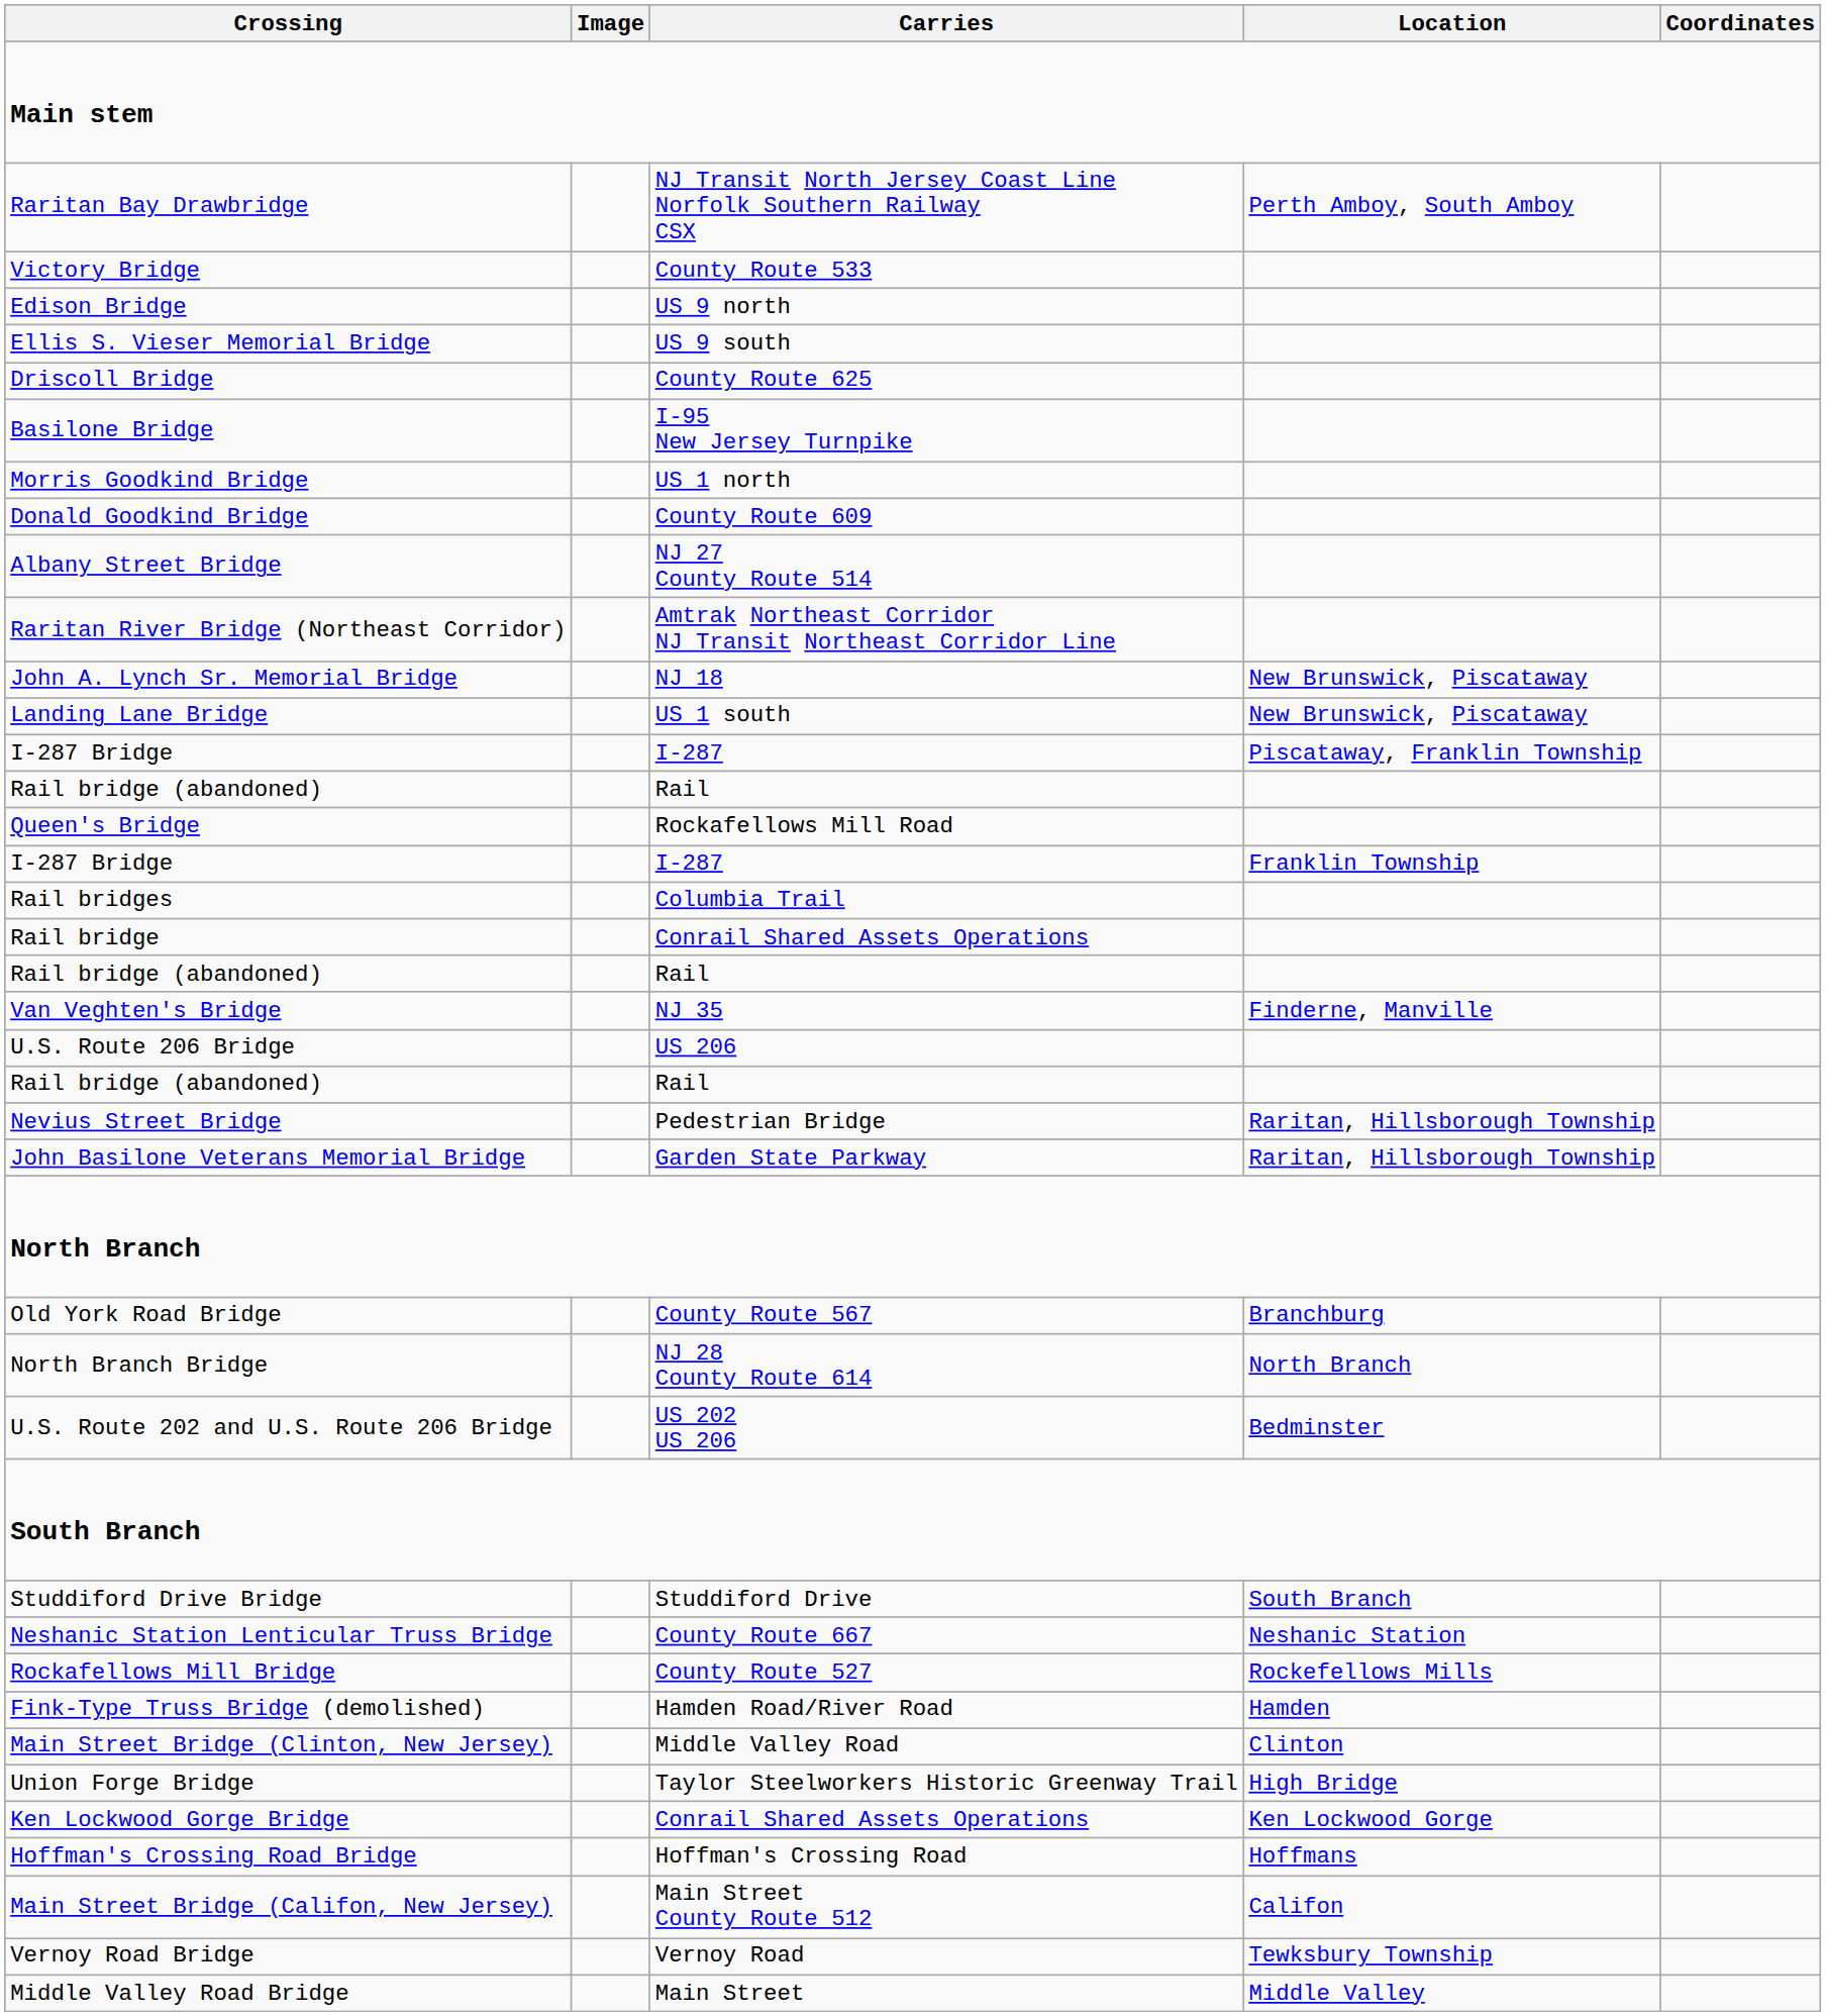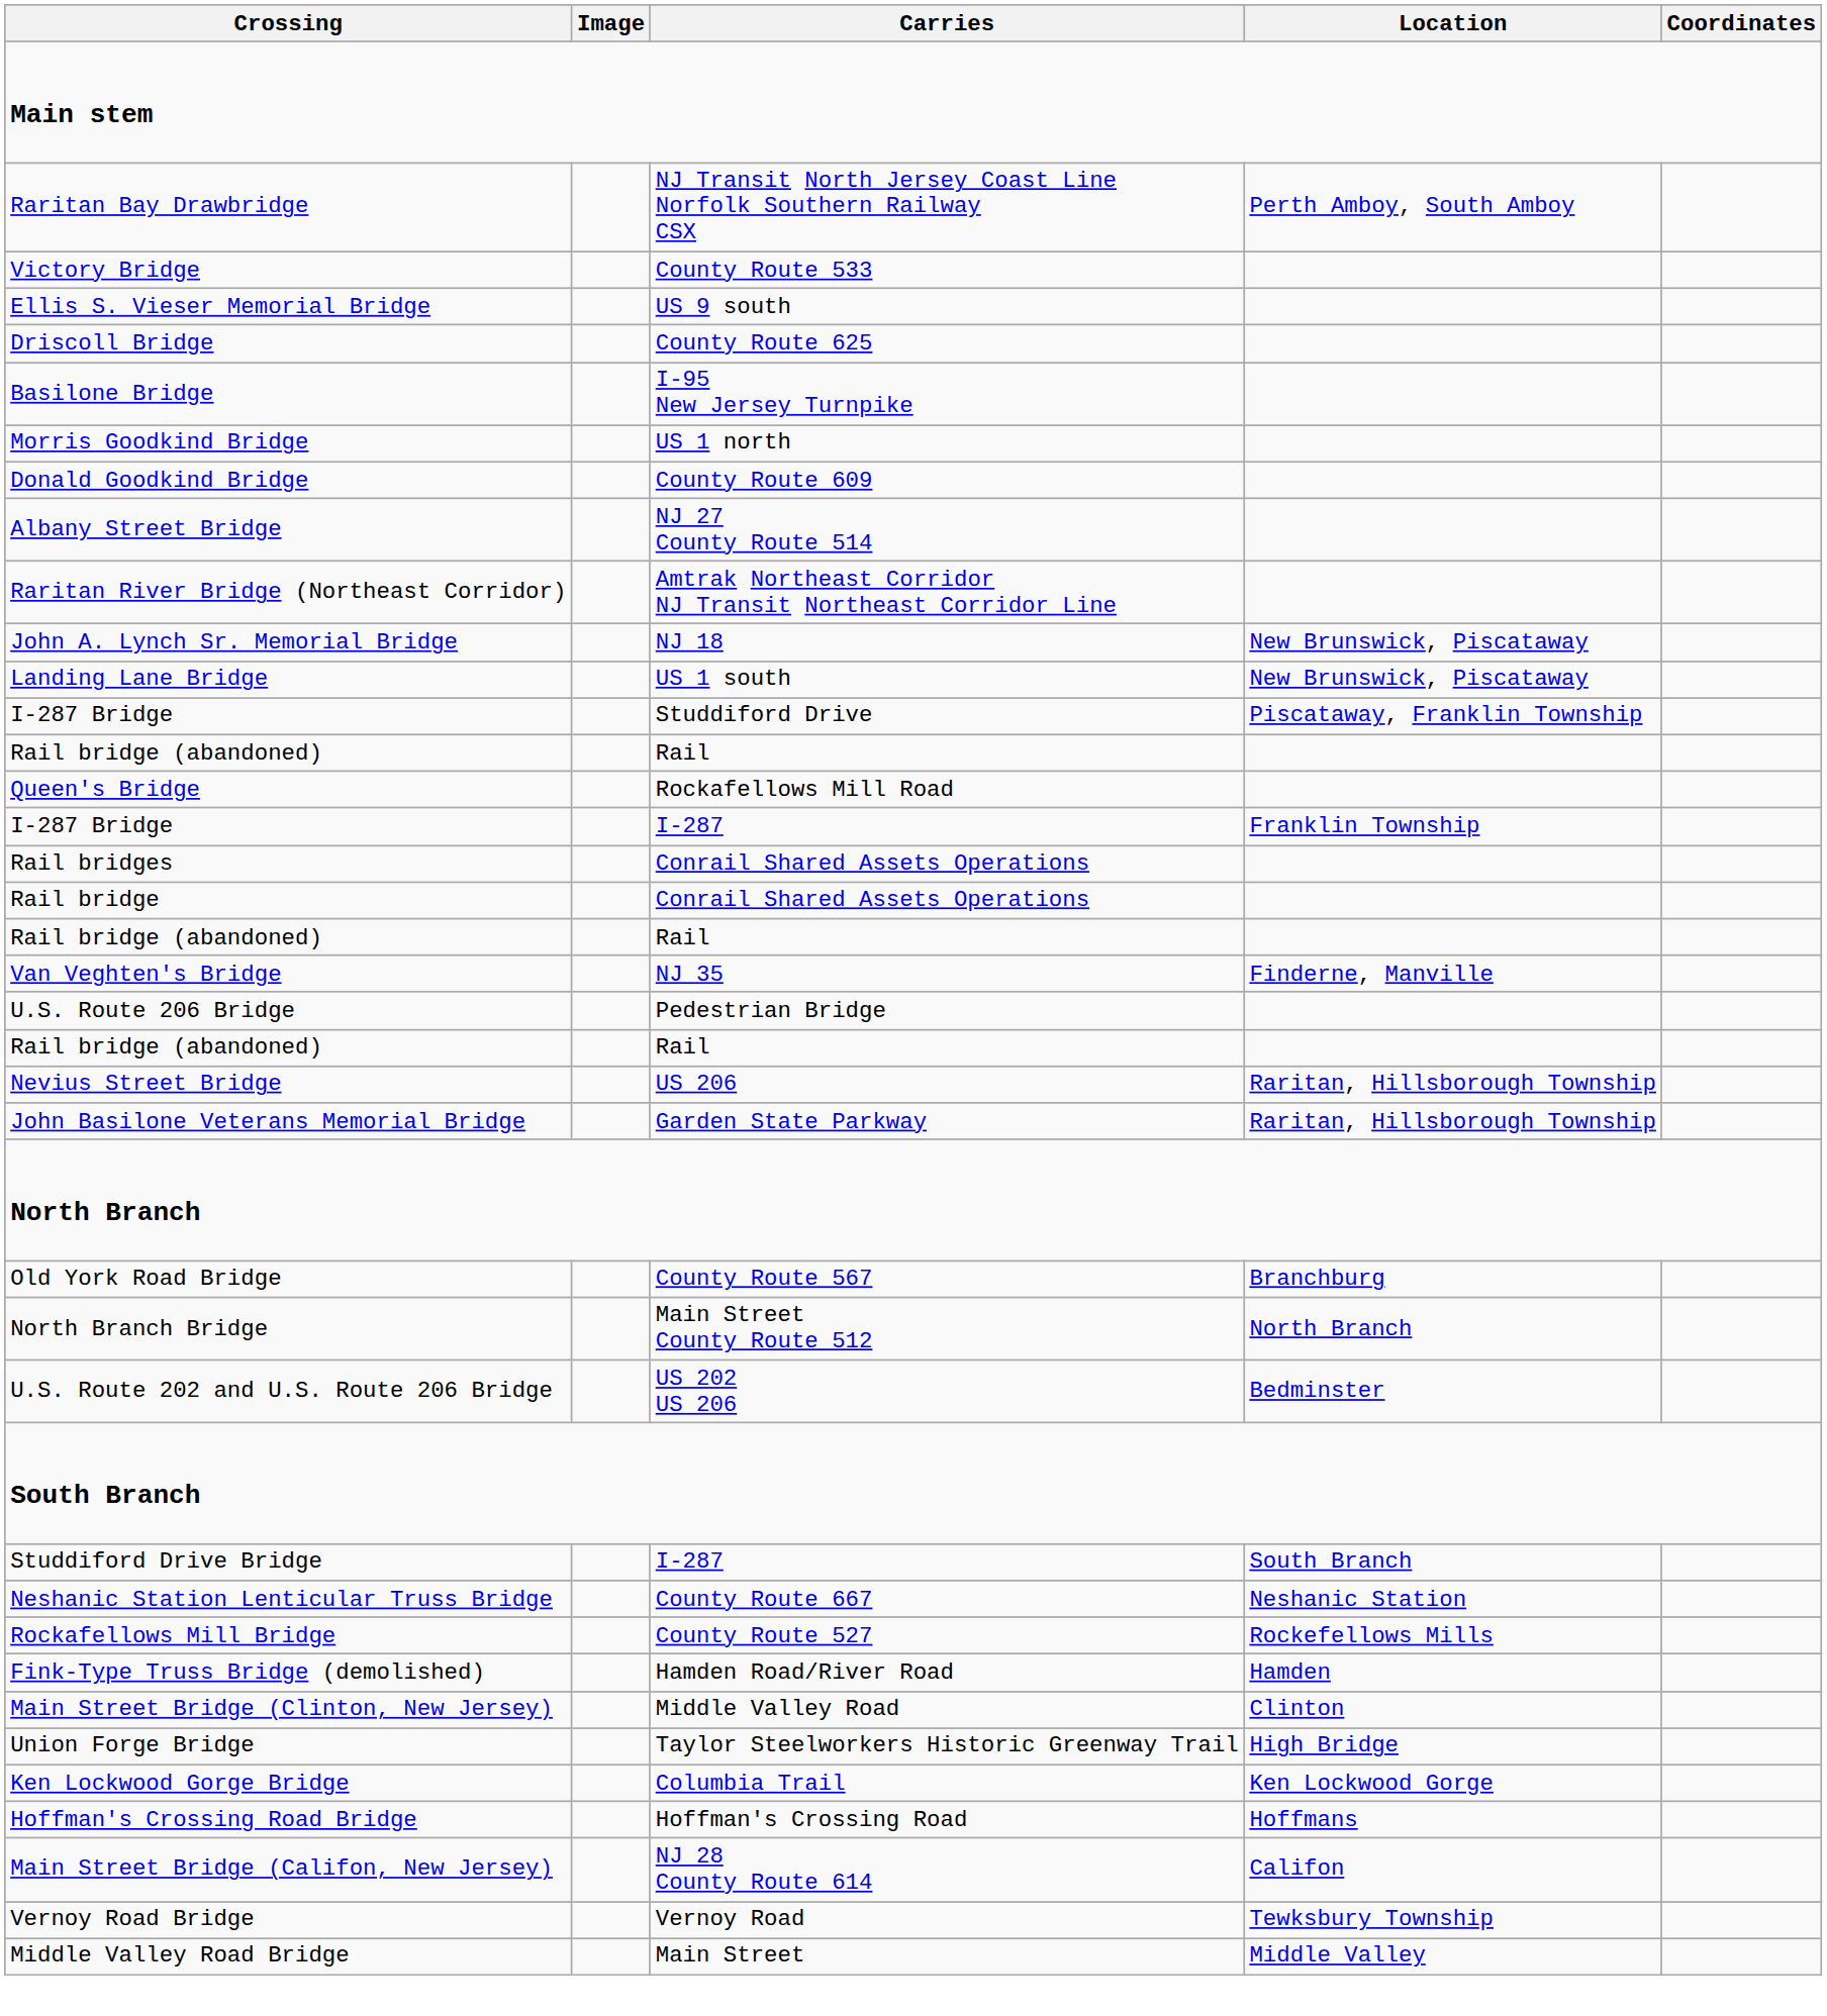 <table class=wikitable>
 <tr>
 <th>Crossing</th>
 <th>Image</th>
 <th>Carries</th>
 <th>Location</th>
 <th>Coordinates</th>
 </tr>
 <tr>
 <td colspan="5"><br><h3>Main stem</h3></td>
 </tr>
 <tr>
 <td><a href='#'>Raritan Bay Drawbridge</a></td>
 <td></td>
 <td><a href='#'>NJ Transit</a> <a href='#'>North Jersey Coast Line</a><br><a href='#'>Norfolk Southern Railway</a><br><a href='#'>CSX</a></td>
 <td><a href='#'>Perth Amboy</a>, <a href='#'>South Amboy</a></td>
 <td></td>
 </tr>
 <tr>
 <td><a href='#'>Victory Bridge</a></td>
 <td></td>
 <td> <a href='#'>County Route 533</a></td>
-<td></td>
-<td></td>
-</tr>
-<tr>
-<td><a href='#'>Edison Bridge</a></td>
-<td></td>
-<td> <a href='#'>US 9</a> north</td>
 <td></td>
 <td></td>
 </tr>
 <tr>
 <td><a href='#'>Ellis S. Vieser Memorial Bridge</a></td>
 <td></td>
 <td> <a href='#'>US 9</a> south</td>
 <td></td>
 <td></td>
 </tr>
 <tr>
 <td><a href='#'>Driscoll Bridge</a></td>
 <td></td>
 <td> <a href='#'>County Route 625</a></td>
 <td></td>
 <td></td>
 </tr>
 <tr>
 <td><a href='#'>Basilone Bridge</a></td>
 <td></td>
 <td> <a href='#'>I-95</a><br> <a href='#'>New Jersey Turnpike</a></td>
 <td></td>
 <td></td>
 </tr>
 <tr>
 <td><a href='#'>Morris Goodkind Bridge</a></td>
 <td></td>
 <td> <a href='#'>US 1</a> north</td>
 <td></td>
 <td></td>
 </tr>
 <tr>
 <td><a href='#'>Donald Goodkind Bridge</a></td>
 <td></td>
 <td> <a href='#'>County Route 609</a></td>
 <td></td>
 <td></td>
 </tr>
 <tr>
 <td><a href='#'>Albany Street Bridge</a></td>
 <td></td>
 <td> <a href='#'>NJ 27</a><br> <a href='#'>County Route 514</a></td>
 <td></td>
 <td></td>
 </tr>
 <tr>
 <td><a href='#'>Raritan River Bridge</a> (Northeast Corridor)</td>
 <td></td>
 <td><a href='#'>Amtrak</a> <a href='#'>Northeast Corridor</a><br> <a href='#'>NJ Transit</a> <a href='#'>Northeast Corridor Line</a></td>
 <td></td>
 <td></td>
 </tr>
 <tr>
 <td><a href='#'>John A. Lynch Sr. Memorial Bridge</a></td>
 <td></td>
 <td> <a href='#'>NJ 18</a></td>
 <td><a href='#'>New Brunswick</a>, <a href='#'>Piscataway</a></td>
 <td></td>
 </tr>
 <tr>
 <td><a href='#'>Landing Lane Bridge</a></td>
 <td></td>
 <td> <a href='#'>US 1</a> south</td>
 <td><a href='#'>New Brunswick</a>, <a href='#'>Piscataway</a></td>
 <td></td>
 </tr>
 <tr>
 <td>I-287 Bridge</td>
 <td></td>
-<td> <a href='#'>I-287</a></td>
+<td>Studdiford Drive</td>
 <td><a href='#'>Piscataway</a>, <a href='#'>Franklin Township</a></td>
 <td></td>
 </tr>
 <tr>
 <td>Rail bridge (abandoned)</td>
 <td></td>
 <td>Rail</td>
 <td></td>
 <td></td>
 </tr>
 <tr>
 <td><a href='#'>Queen's Bridge</a></td>
 <td></td>
 <td>Rockafellows Mill Road</td>
 <td></td>
 <td></td>
 </tr>
 <tr>
 <td>I-287 Bridge</td>
 <td></td>
 <td> <a href='#'>I-287</a></td>
 <td><a href='#'>Franklin Township</a></td>
 <td></td>
 </tr>
 <tr>
 <td>Rail bridges</td>
 <td></td>
-<td><a href='#'>Columbia Trail</a></td>
+<td><a href='#'>Conrail Shared Assets Operations</a></td>
 <td></td>
 <td></td>
 </tr>
 <tr>
 <td>Rail bridge</td>
 <td></td>
 <td><a href='#'>Conrail Shared Assets Operations</a></td>
 <td></td>
 <td></td>
 </tr>
 <tr>
 <td>Rail bridge (abandoned)</td>
 <td></td>
 <td>Rail</td>
 <td></td>
 <td></td>
 </tr>
 <tr>
 <td><a href='#'>Van Veghten's Bridge</a></td>
 <td></td>
 <td> <a href='#'>NJ 35</a></td>
 <td><a href='#'>Finderne</a>, <a href='#'>Manville</a></td>
 <td></td>
 </tr>
 <tr>
 <td>U.S. Route 206 Bridge</td>
 <td></td>
-<td> <a href='#'>US 206</a></td>
+<td>Pedestrian Bridge</td>
 <td></td>
 <td></td>
 </tr>
 <tr>
 <td>Rail bridge (abandoned)</td>
 <td></td>
 <td>Rail</td>
 <td></td>
 <td></td>
 </tr>
 <tr>
 <td><a href='#'>Nevius Street Bridge</a></td>
 <td></td>
-<td>Pedestrian Bridge</td>
+<td> <a href='#'>US 206</a></td>
 <td><a href='#'>Raritan</a>, <a href='#'>Hillsborough Township</a></td>
 <td></td>
 </tr>
 <tr>
 <td><a href='#'>John Basilone Veterans Memorial Bridge</a></td>
 <td></td>
 <td> <a href='#'>Garden State Parkway</a></td>
 <td><a href='#'>Raritan</a>, <a href='#'>Hillsborough Township</a></td>
 <td></td>
 </tr>
 <tr>
 <td colspan="5"><br><h3>North Branch</h3></td>
 </tr>
 <tr>
 <td>Old York Road Bridge</td>
 <td></td>
 <td> <a href='#'>County Route 567</a></td>
 <td><a href='#'>Branchburg</a></td>
 <td></td>
 </tr>
 <tr>
 <td>North Branch Bridge</td>
 <td></td>
-<td> <a href='#'>NJ 28</a><br> <a href='#'>County Route 614</a></td>
+<td>Main Street<br> <a href='#'>County Route 512</a></td>
 <td><a href='#'>North Branch</a></td>
 <td></td>
 </tr>
 <tr>
 <td>U.S. Route 202 and U.S. Route 206 Bridge</td>
 <td></td>
 <td> <a href='#'>US 202</a><br> <a href='#'>US 206</a></td>
 <td><a href='#'>Bedminster</a></td>
 <td></td>
 </tr>
 <tr>
 <td colspan="5"><br><h3>South Branch</h3></td>
 </tr>
 <tr>
 <td>Studdiford Drive Bridge</td>
 <td></td>
-<td>Studdiford Drive</td>
+<td> <a href='#'>I-287</a></td>
 <td><a href='#'>South Branch</a></td>
 <td></td>
 </tr>
 <tr>
 <td><a href='#'>Neshanic Station Lenticular Truss Bridge</a></td>
 <td></td>
 <td> <a href='#'>County Route 667</a></td>
 <td><a href='#'>Neshanic Station</a></td>
 <td></td>
 </tr>
 <tr>
 <td><a href='#'>Rockafellows Mill Bridge</a></td>
 <td></td>
 <td> <a href='#'>County Route 527</a></td>
 <td><a href='#'>Rockefellows Mills</a></td>
 <td></td>
 </tr>
 <tr>
 <td><a href='#'>Fink-Type Truss Bridge</a> (demolished)</td>
 <td></td>
 <td>Hamden Road/River Road</td>
 <td><a href='#'>Hamden</a></td>
 <td></td>
 </tr>
 <tr>
 <td><a href='#'>Main Street Bridge (Clinton, New Jersey)</a></td>
 <td></td>
 <td>Middle Valley Road</td>
 <td><a href='#'>Clinton</a></td>
 <td></td>
 </tr>
 <tr>
 <td>Union Forge Bridge</td>
 <td></td>
 <td>Taylor Steelworkers Historic Greenway Trail</td>
 <td><a href='#'>High Bridge</a></td>
 <td></td>
 </tr>
 <tr>
 <td><a href='#'>Ken Lockwood Gorge Bridge</a></td>
 <td></td>
-<td><a href='#'>Conrail Shared Assets Operations</a></td>
+<td><a href='#'>Columbia Trail</a></td>
 <td><a href='#'>Ken Lockwood Gorge</a></td>
 <td></td>
 </tr>
 <tr>
 <td><a href='#'>Hoffman's Crossing Road Bridge</a></td>
 <td></td>
 <td>Hoffman's Crossing Road</td>
 <td><a href='#'>Hoffmans</a></td>
 <td></td>
 </tr>
 <tr>
 <td><a href='#'>Main Street Bridge (Califon, New Jersey)</a></td>
 <td></td>
-<td>Main Street<br> <a href='#'>County Route 512</a></td>
+<td> <a href='#'>NJ 28</a><br> <a href='#'>County Route 614</a></td>
 <td><a href='#'>Califon</a></td>
 <td></td>
 </tr>
 <tr>
 <td>Vernoy Road Bridge</td>
 <td></td>
 <td>Vernoy Road</td>
 <td><a href='#'>Tewksbury Township</a></td>
 <td></td>
 </tr>
 <tr>
 <td>Middle Valley Road Bridge</td>
 <td></td>
 <td>Main Street</td>
 <td><a href='#'>Middle Valley</a></td>
 <td></td>
 </tr>
 </table>
